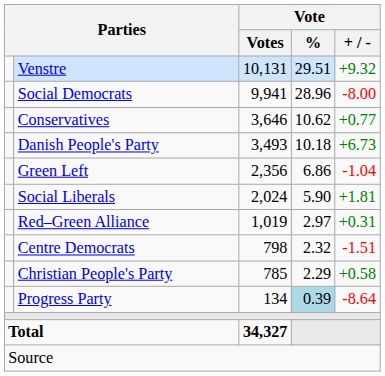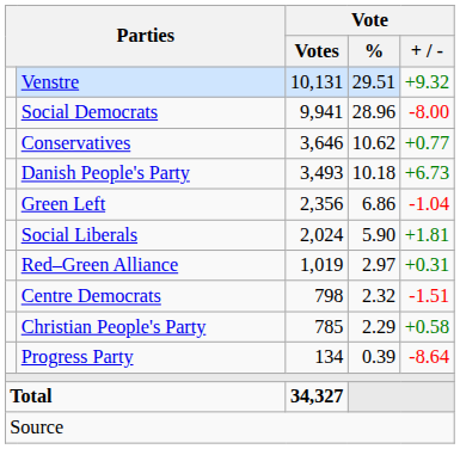 <table class="wikitable" style="text-align:right;">
 <tr>
 <th style="text-align:centre;" rowspan="2" colspan="2" width="225">Parties</th>
 <th colspan="3">Vote</th>
 </tr>
 <tr>
 <th width="15">Votes</th>
 <th width="15">%</th>
 <th width="15">+ / -</th>
 </tr>
 <tr>
 <td width="2" style="color:inherit;background:"></td>
 <td bgcolor=#cfe5fe  align="left"><a href='#'>Venstre</a></td>
 <td bgcolor=#cfe5fe>10,131</td>
 <td bgcolor=#cfe5fe>29.51</td>
 <td style=color:green;>+9.32</td>
 </tr>
 <tr>
 <td width="2" style="color:inherit;background:"></td>
 <td align="left"><a href='#'>Social Democrats</a></td>
 <td>9,941</td>
 <td>28.96</td>
 <td style=color:red;>-8.00</td>
 </tr>
 <tr>
 <td width="2" style="color:inherit;background:"></td>
 <td align="left"><a href='#'>Conservatives</a></td>
 <td>3,646</td>
 <td>10.62</td>
 <td style=color:green;>+0.77</td>
 </tr>
 <tr>
 <td width="2" style="color:inherit;background:"></td>
 <td align="left"><a href='#'>Danish People's Party</a></td>
 <td>3,493</td>
 <td>10.18</td>
 <td style=color:green;>+6.73</td>
 </tr>
 <tr>
 <td width="2" style="color:inherit;background:"></td>
 <td align="left"><a href='#'>Green Left</a></td>
 <td>2,356</td>
 <td>6.86</td>
 <td style=color:red;>-1.04</td>
 </tr>
 <tr>
 <td width="2" style="color:inherit;background:"></td>
 <td align="left"><a href='#'>Social Liberals</a></td>
 <td>2,024</td>
 <td>5.90</td>
 <td style=color:green;>+1.81</td>
 </tr>
 <tr>
 <td width="2" style="color:inherit;background:"></td>
 <td align="left"><a href='#'>Red–Green Alliance</a></td>
 <td>1,019</td>
 <td>2.97</td>
 <td style=color:green;>+0.31</td>
 </tr>
 <tr>
 <td width="2" style="color:inherit;background:"></td>
 <td align="left"><a href='#'>Centre Democrats</a></td>
 <td>798</td>
 <td>2.32</td>
 <td style=color:red;>-1.51</td>
 </tr>
 <tr>
 <td width="2" style="color:inherit;background:"></td>
 <td align="left"><a href='#'>Christian People's Party</a></td>
 <td>785</td>
 <td>2.29</td>
 <td style=color:green;>+0.58</td>
 </tr>
 <tr>
 <td width="2" style="color:inherit;background:"></td>
 <td align="left"><a href='#'>Progress Party</a></td>
 <td>134</td>
-<td style="background: lightblue;">0.39</td>
+<td>0.39</td>
 <td style=color:red;>-8.64</td>
 </tr>
 <tr>
 <td colspan="7" bgcolor="#E9E9E9"></td>
 </tr>
 <tr>
 <td align="left" colspan="2"><strong>Total</strong></td>
 <td><strong>34,327</strong></td>
 <td bgcolor="#E9E9E9" colspan="2"></td>
 </tr>
 <tr>
 <td align="left" colspan="6">Source</td>
 </tr>
 </table>
